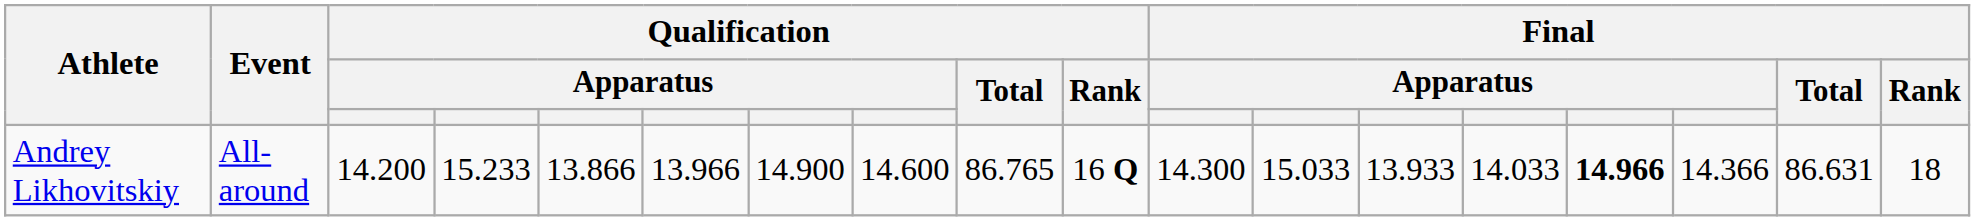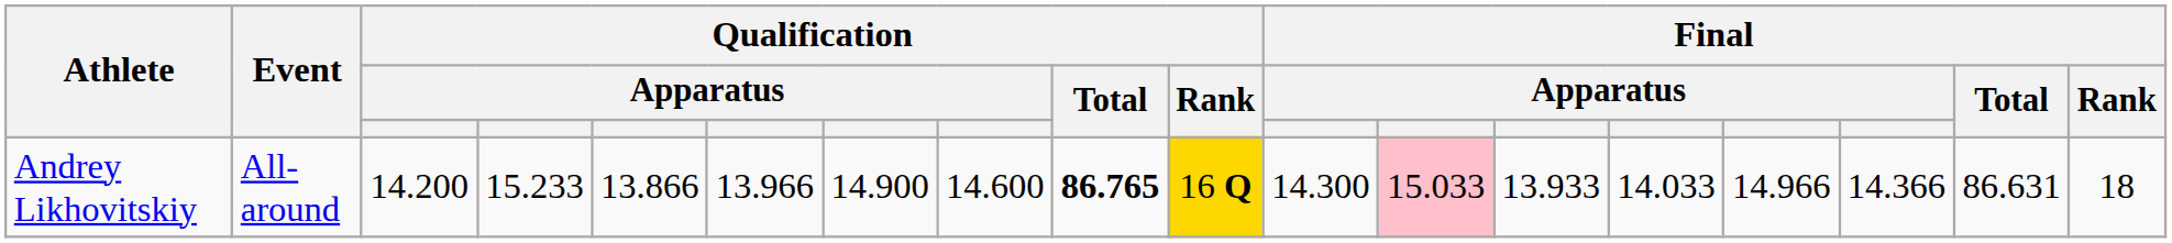 <table class="wikitable" style="font-size:90%">
 <tr>
 <th rowspan=3>Athlete</th>
 <th rowspan=3>Event</th>
 <th colspan =8>Qualification</th>
 <th colspan =8>Final</th>
 </tr>
 <tr style="font-size:95%">
 <th colspan=6>Apparatus</th>
 <th rowspan=2>Total</th>
 <th rowspan=2>Rank</th>
 <th colspan=6>Apparatus</th>
 <th rowspan=2>Total</th>
 <th rowspan=2>Rank</th>
 </tr>
 <tr style="font-size:95%">
 <th></th>
 <th></th>
 <th></th>
 <th></th>
 <th></th>
 <th></th>
 <th></th>
 <th></th>
 <th></th>
 <th></th>
 <th></th>
 <th></th>
 </tr>
 <tr align=center>
 <td align=left><a href='#'>Andrey Likhovitskiy</a></td>
 <td align=left><a href='#'>All-around</a></td>
 <td>14.200</td>
 <td>15.233</td>
 <td>13.866</td>
 <td>13.966</td>
 <td>14.900</td>
 <td>14.600</td>
-<td>86.765</td>
-<td>16 <strong>Q</strong></td>
+<td><strong>86.765</strong></td>
+<td style="background: gold;">16 <strong>Q</strong></td>
 <td>14.300</td>
-<td>15.033</td>
+<td style="background: pink;">15.033</td>
 <td>13.933</td>
 <td>14.033</td>
-<td><strong>14.966</strong></td>
+<td>14.966</td>
 <td>14.366</td>
 <td>86.631</td>
 <td>18</td>
 </tr>
 </table>
